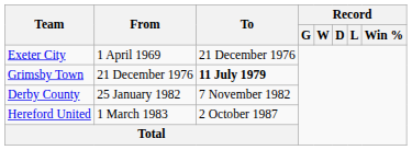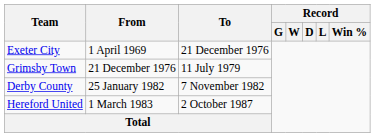 <table class="wikitable" style="text-align: center">
 <tr>
 <th rowspan="2">Team</th>
 <th rowspan="2">From</th>
 <th rowspan="2">To</th>
 <th colspan="5">Record</th>
 </tr>
 <tr>
 <th>G</th>
 <th>W</th>
 <th>D</th>
 <th>L</th>
 <th>Win %</th>
 </tr>
 <tr>
 <td align=left><a href='#'>Exeter City</a></td>
 <td align=left>1 April 1969</td>
 <td align=left>21 December 1976<br></td>
 </tr>
 <tr>
 <td align=left><a href='#'>Grimsby Town</a></td>
 <td align=left>21 December 1976</td>
-<td align=left><strong>11 July 1979<br></strong></td>
+<td align=left>11 July 1979<br></td>
 </tr>
 <tr>
 <td align=left><a href='#'>Derby County</a></td>
 <td align=left>25 January 1982</td>
 <td align=left>7 November 1982<br></td>
 </tr>
 <tr>
 <td align=left><a href='#'>Hereford United</a></td>
 <td align=left>1 March 1983</td>
 <td align=left>2 October 1987<br></td>
 </tr>
 <tr>
 <th colspan="3">Total<br></th>
 </tr>
 </table>
